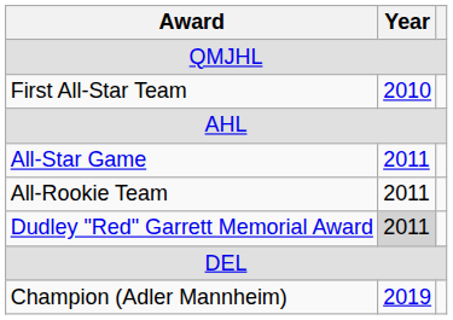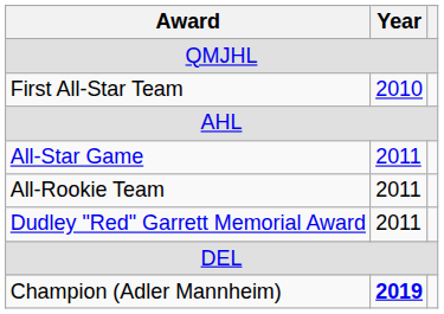 <table class="wikitable">
 <tr>
 <th>Award</th>
 <th>Year</th>
 <th></th>
 </tr>
 <tr ALIGN="center" bgcolor="#e0e0e0">
 <td colspan="3"><a href='#'>QMJHL</a></td>
 </tr>
 <tr>
 <td>First All-Star Team</td>
 <td><a href='#'>2010</a></td>
 <td></td>
 </tr>
 <tr ALIGN="center" bgcolor="#e0e0e0">
 <td colspan="3"><a href='#'>AHL</a></td>
 </tr>
 <tr>
 <td><a href='#'>All-Star Game</a></td>
 <td><a href='#'>2011</a></td>
 <td></td>
 </tr>
 <tr>
 <td>All-Rookie Team</td>
 <td>2011</td>
 <td></td>
 </tr>
 <tr>
 <td><a href='#'>Dudley "Red" Garrett Memorial Award</a></td>
-<td style="background: lightgrey;">2011</td>
+<td>2011</td>
 <td></td>
 </tr>
 <tr ALIGN="center" bgcolor="#e0e0e0">
 <td colspan="3"><a href='#'>DEL</a></td>
 </tr>
 <tr>
 <td>Champion (Adler Mannheim)</td>
-<td><a href='#'>2019</a></td>
+<td><strong><a href='#'>2019</a></strong></td>
 <td></td>
 </tr>
 </table>
